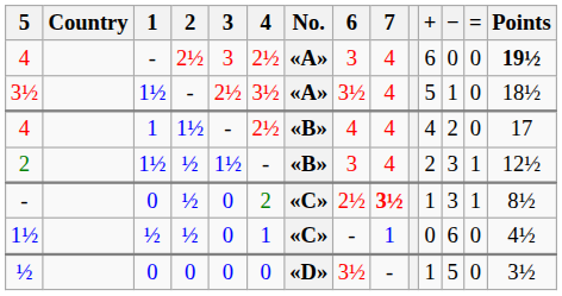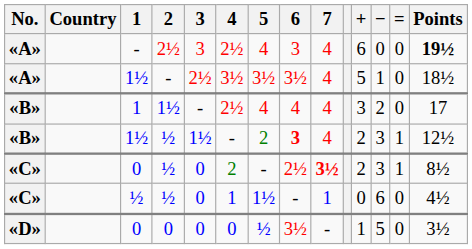 <table class="wikitable" style="text-align:center">
 <tr>
-<th>5</th>
+<th>No.</th>
 <th>Country</th>
 <th>1</th>
 <th>2</th>
 <th>3</th>
 <th>4</th>
-<th>No.</th>
+<th>5</th>
 <th>6</th>
 <th>7</th>
 <th></th>
 <th>+</th>
 <th>−</th>
 <th>=</th>
 <th>Points</th>
 </tr>
 <tr>
-<td style="color:red;">4</td>
+<th>«A»</th>
 <td style="text-align: left"></td>
 <td>-</td>
 <td style="color:red;">2½</td>
 <td style="color:red;">3</td>
 <td style="color:red;">2½</td>
-<th>«A»</th>
+<td style="color:red;">4</td>
 <td style="color:red;">3</td>
 <td style="color:red;">4</td>
 <th></th>
 <td>6</td>
 <td>0</td>
 <td>0</td>
 <td><strong>19½ </strong></td>
 </tr>
 <tr>
-<td style="color:red;">3½</td>
+<th>«A»</th>
 <td style="text-align: left"></td>
 <td style="color:blue;">1½</td>
 <td>-</td>
 <td style="color:red;">2½</td>
 <td style="color:red;">3½</td>
-<th>«A»</th>
+<td style="color:red;">3½</td>
 <td style="color:red;">3½</td>
 <td style="color:red;">4</td>
 <th></th>
 <td>5</td>
 <td>1</td>
 <td>0</td>
 <td>18½</td>
 </tr>
 <tr style="border-top:2px solid grey;">
-<td style="color:red;">4</td>
+<th>«B»</th>
 <td style="text-align: left"></td>
 <td style="color:blue;">1</td>
 <td style="color:blue;">1½</td>
 <td>-</td>
 <td style="color:red;">2½</td>
-<th>«B»</th>
+<td style="color:red;">4</td>
 <td style="color:red;">4</td>
 <td style="color:red;">4</td>
 <th></th>
-<td>4</td>
+<td>3</td>
 <td>2</td>
 <td>0</td>
 <td>17</td>
 </tr>
 <tr>
-<td style="color:green;">2</td>
+<th>«B»</th>
 <td style="text-align: left"></td>
 <td style="color:blue;">1½</td>
 <td style="color:blue;">½</td>
 <td style="color:blue;">1½</td>
 <td>-</td>
-<th>«B»</th>
-<td style="color:red;">3</td>
+<td style="color:green;">2</td>
+<td style="color:red;"><strong>3</strong></td>
 <td style="color:red;">4</td>
 <th></th>
 <td>2</td>
 <td>3</td>
 <td>1</td>
 <td>12½</td>
 </tr>
 <tr style="border-top:2px solid grey;">
-<td>-</td>
+<th>«C»</th>
 <td style="text-align: left"></td>
 <td style="color:blue;">0</td>
 <td style="color:blue;">½</td>
 <td style="color:blue;">0</td>
 <td style="color:green;">2</td>
-<th>«C»</th>
+<td>-</td>
 <td style="color:red;">2½</td>
 <td style="color:red;"><strong>3½</strong></td>
 <th></th>
-<td>1</td>
+<td>2</td>
 <td>3</td>
 <td>1</td>
 <td>8½</td>
 </tr>
 <tr>
-<td style="color:blue;">1½</td>
+<th>«C»</th>
 <td style="text-align: left"></td>
 <td style="color:blue;">½</td>
 <td style="color:blue;">½</td>
 <td style="color:blue;">0</td>
 <td style="color:blue;">1</td>
-<th>«C»</th>
+<td style="color:blue;">1½</td>
 <td>-</td>
 <td style="color:blue;">1</td>
 <th></th>
 <td>0</td>
 <td>6</td>
 <td>0</td>
 <td>4½</td>
 </tr>
 <tr style="border-top:2px solid grey;">
-<td style="color:blue;">½</td>
+<th>«D»</th>
 <td style="text-align: left"></td>
 <td style="color:blue;">0</td>
 <td style="color:blue;">0</td>
 <td style="color:blue;">0</td>
 <td style="color:blue;">0</td>
-<th>«D»</th>
+<td style="color:blue;">½</td>
 <td style="color:red;">3½</td>
 <td>-</td>
 <th></th>
 <td>1</td>
 <td>5</td>
 <td>0</td>
 <td>3½</td>
 </tr>
 </table>
